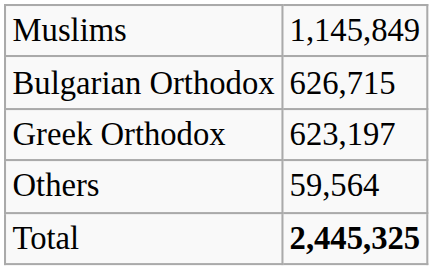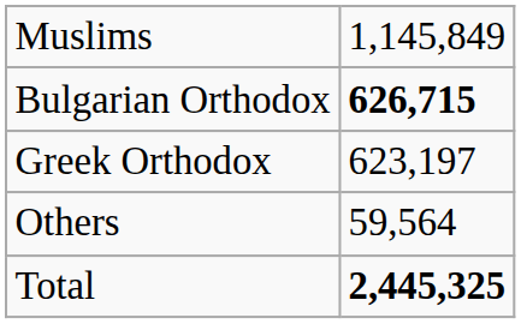 <table class="wikitable">
 <tr>
 <td>Muslims</td>
 <td>1,145,849</td>
 </tr>
 <tr>
 <td>Bulgarian Orthodox</td>
-<td>626,715</td>
+<td><strong>626,715</strong></td>
 </tr>
 <tr>
 <td>Greek Orthodox</td>
 <td>623,197</td>
 </tr>
 <tr>
 <td>Others</td>
 <td>59,564</td>
 </tr>
 <tr>
 <td>Total</td>
 <td><strong>2,445,325</strong></td>
 </tr>
 </table>
